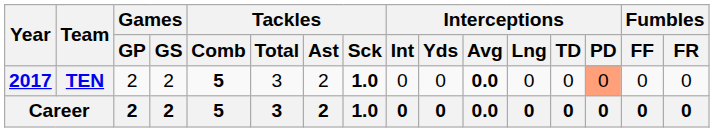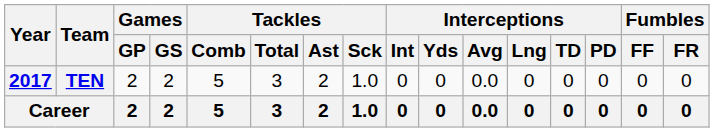 <table class="wikitable" style="text-align:center">
 <tr>
 <th rowspan="2">Year</th>
 <th rowspan="2">Team</th>
 <th colspan="2">Games</th>
 <th colspan="4">Tackles</th>
 <th colspan="6">Interceptions</th>
 <th colspan="2">Fumbles</th>
 </tr>
 <tr>
 <th>GP</th>
 <th>GS</th>
 <th>Comb</th>
 <th>Total</th>
 <th>Ast</th>
 <th>Sck</th>
 <th>Int</th>
 <th>Yds</th>
 <th>Avg</th>
 <th>Lng</th>
 <th>TD</th>
 <th>PD</th>
 <th>FF</th>
 <th>FR</th>
 </tr>
 <tr>
 <th><a href='#'>2017</a></th>
 <th><a href='#'>TEN</a></th>
 <td>2</td>
 <td>2</td>
-<td><strong>5</strong></td>
+<td>5</td>
 <td>3</td>
 <td>2</td>
-<td><strong>1.0</strong></td>
+<td>1.0</td>
 <td>0</td>
 <td>0</td>
-<td><strong>0.0</strong></td>
+<td>0.0</td>
 <td>0</td>
 <td>0</td>
-<td style="background: lightsalmon;">0</td>
+<td>0</td>
 <td>0</td>
 <td>0</td>
 </tr>
 <tr>
 <th colspan="2">Career</th>
 <th>2</th>
 <th>2</th>
 <th>5</th>
 <th>3</th>
 <th>2</th>
 <th>1.0</th>
 <th>0</th>
 <th>0</th>
 <th>0.0</th>
 <th>0</th>
 <th>0</th>
 <th>0</th>
 <th>0</th>
 <th>0</th>
 </tr>
 </table>
